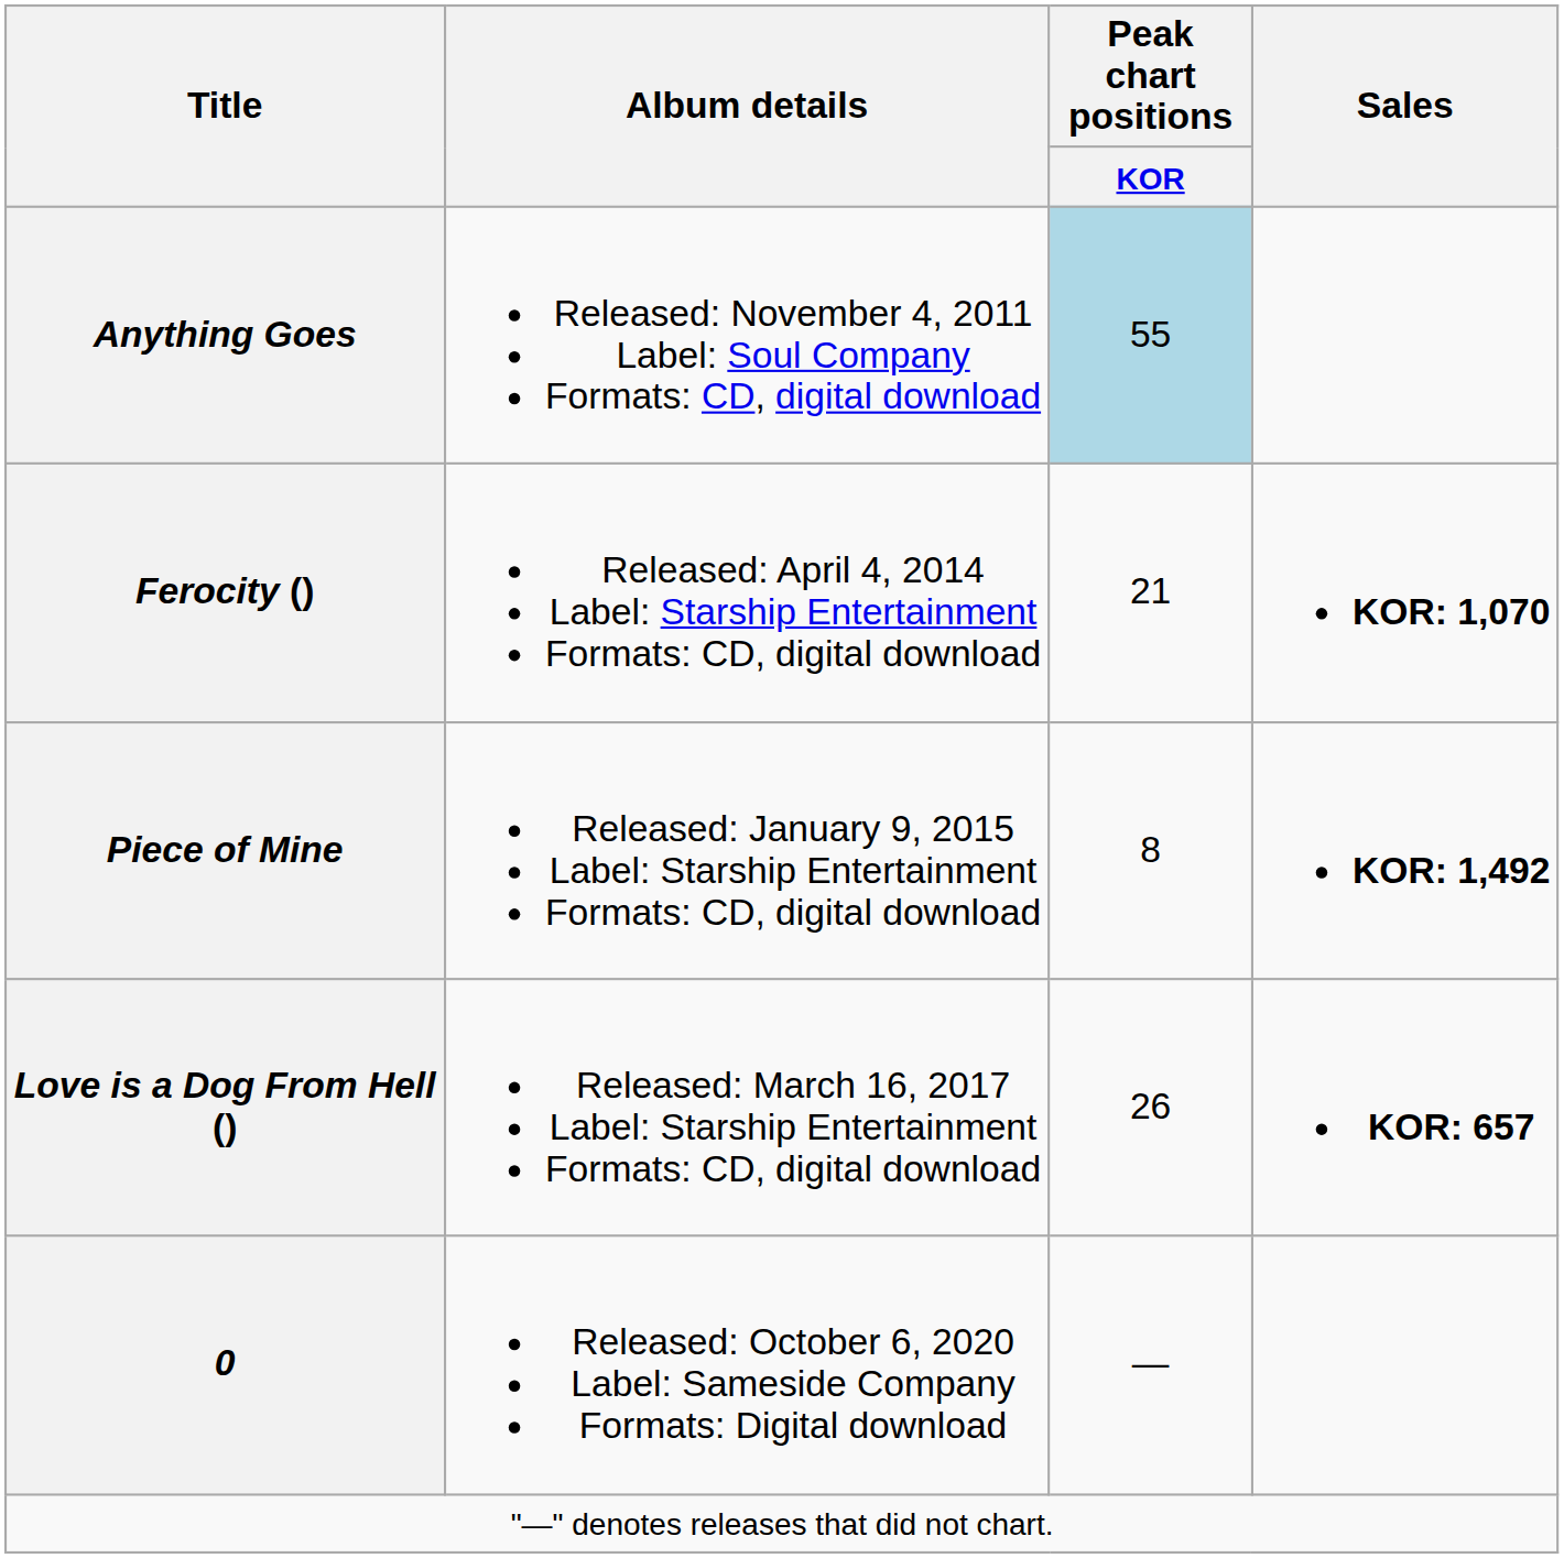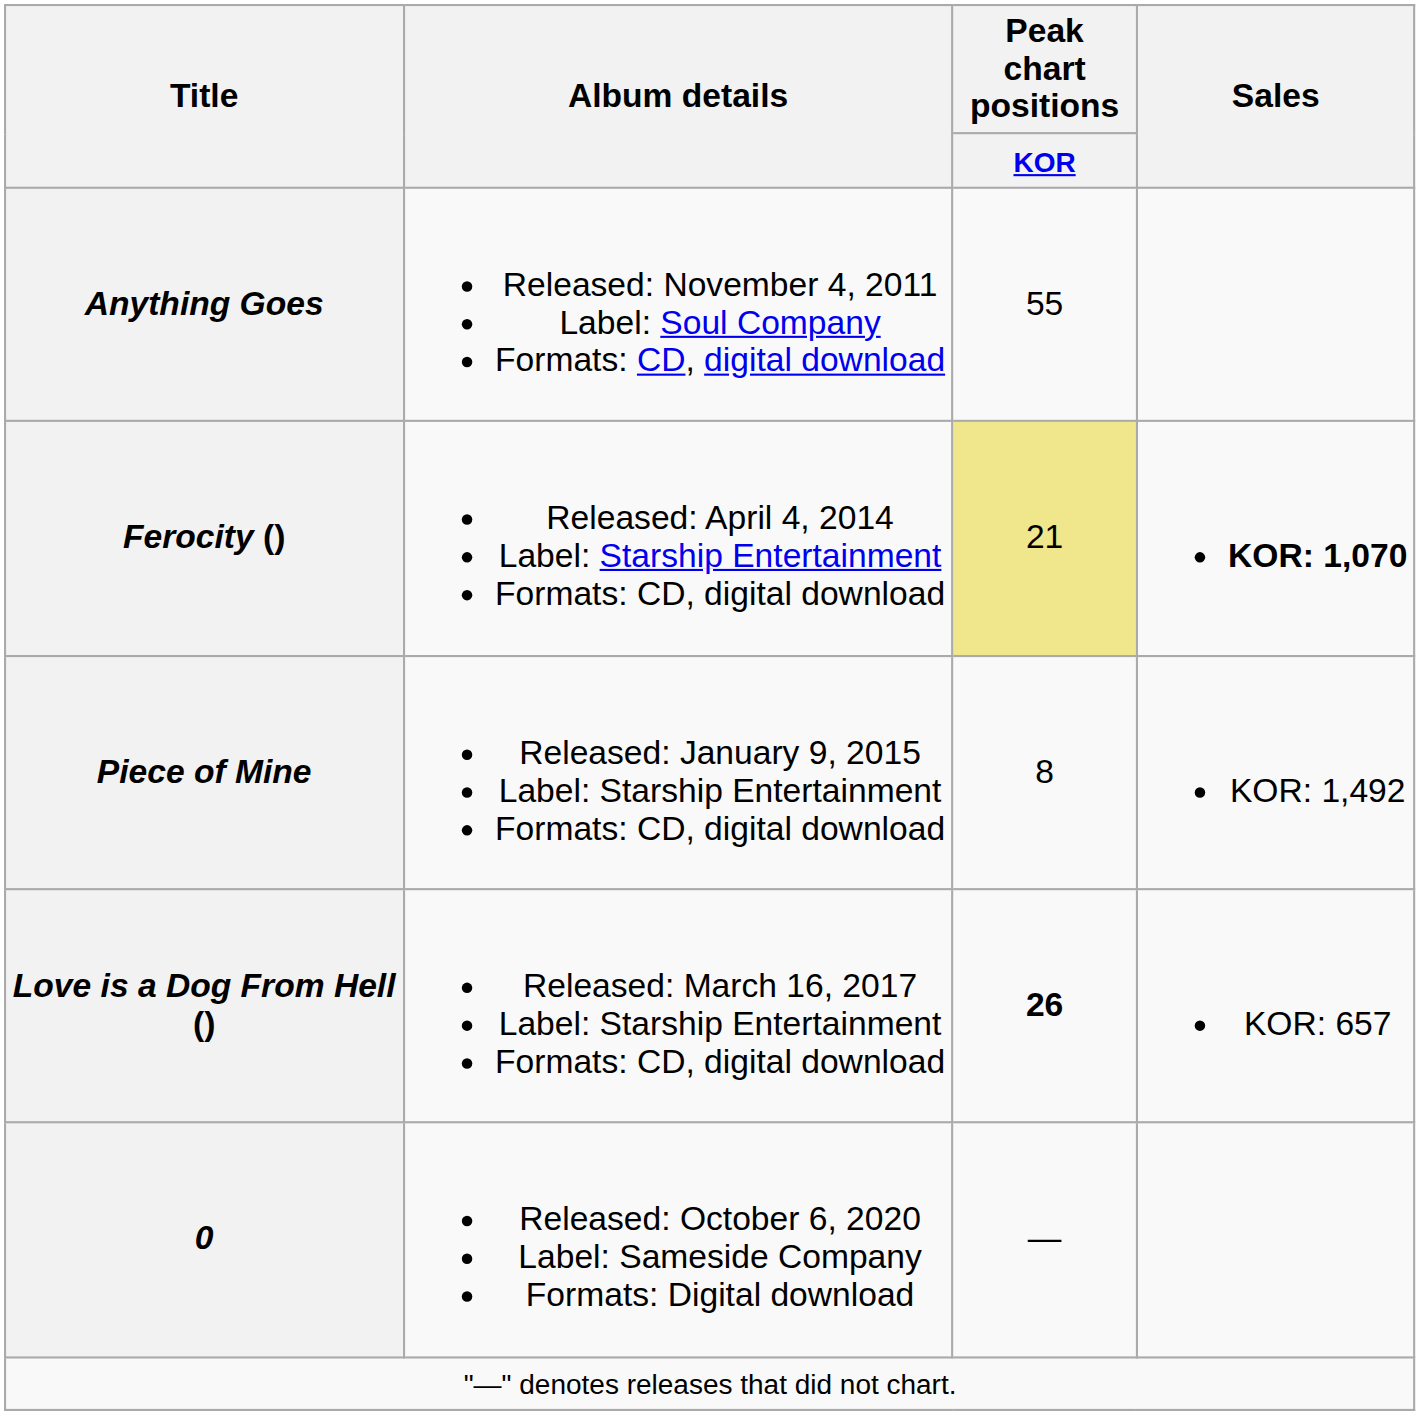 <table class="wikitable plainrowheaders" style="text-align:center">
 <tr>
 <th scope="col" rowspan="2">Title</th>
 <th scope="col" rowspan="2">Album details</th>
 <th scope="col" colspan="1" style="width:5em;">Peak chart positions</th>
 <th scope="col" rowspan="2">Sales</th>
 </tr>
 <tr>
 <th><small><a href='#'>KOR</a></small><br></th>
 </tr>
 <tr>
 <th scope="row"><em>Anything Goes</em></th>
 <td><br><ul><li>Released: November 4, 2011</li><li>Label: <a href='#'>Soul Company</a></li><li>Formats: <a href='#'>CD</a>, <a href='#'>digital download</a></li></ul></td>
-<td style="background: lightblue;">55</td>
+<td>55</td>
 <td></td>
 </tr>
 <tr>
 <th scope="row"><em>Ferocity</em> ()</th>
 <td><br><ul><li>Released: April 4, 2014</li><li>Label: <a href='#'>Starship Entertainment</a></li><li>Formats: CD, digital download</li></ul></td>
-<td>21</td>
+<td style="background: khaki;">21</td>
 <td><strong><br><ul><li>KOR: 1,070</li></ul></strong></td>
 </tr>
 <tr>
 <th scope="row"><em>Piece of Mine</em></th>
 <td><br><ul><li>Released: January 9, 2015</li><li>Label: Starship Entertainment</li><li>Formats: CD, digital download</li></ul></td>
 <td>8</td>
-<td><strong><br><ul><li>KOR: 1,492</li></ul></strong></td>
+<td><br><ul><li>KOR: 1,492</li></ul></td>
 </tr>
 <tr>
 <th scope="row"><em>Love is a Dog From Hell</em><br>()</th>
 <td><br><ul><li>Released: March 16, 2017</li><li>Label: Starship Entertainment</li><li>Formats: CD, digital download</li></ul></td>
-<td>26</td>
-<td><strong><br><ul><li>KOR: 657</li></ul></strong></td>
+<td><strong>26</strong></td>
+<td><br><ul><li>KOR: 657</li></ul></td>
 </tr>
 <tr>
 <th scope="row"><em>0</em></th>
 <td><br><ul><li>Released: October 6, 2020</li><li>Label: Sameside Company</li><li>Formats: Digital download</li></ul></td>
 <td>—</td>
 <td></td>
 </tr>
 <tr>
 <td colspan="4" align="center"><small>"—" denotes releases that did not chart.</small></td>
 </tr>
 </table>
